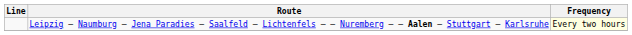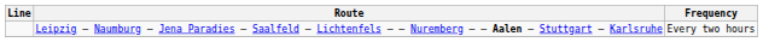 <table class="wikitable">
 <tr style="background-color:#e3e3e3;">
 <th>Line</th>
 <th>Route</th>
 <th>Frequency</th>
 </tr>
 <tr>
 <td></td>
 <td><a href='#'>Leipzig</a> – <a href='#'>Naumburg</a> – <a href='#'>Jena Paradies</a> – <a href='#'>Saalfeld</a> – <a href='#'>Lichtenfels</a> –  – <a href='#'>Nuremberg</a> –  – <strong>Aalen</strong> – <a href='#'>Stuttgart</a> – <a href='#'>Karlsruhe</a></td>
-<td style="background: lightyellow;">Every two hours</td>
+<td>Every two hours</td>
 </tr>
 <tr>
 </tr>
 </table>
